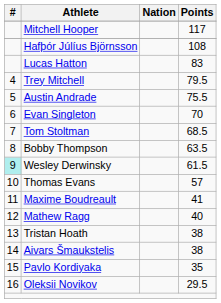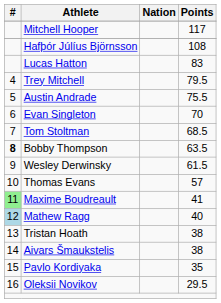 <table class="wikitable" style="text-align:center">
 <tr>
 <th scope="col" style="width: 10px;">#</th>
 <th scope="col">Athlete</th>
 <th scope="col">Nation</th>
 <th scope="col" style="width: 10px;">Points</th>
 </tr>
 <tr>
 </tr>
 <tr>
 <td></td>
 <td align=left><a href='#'>Mitchell Hooper</a></td>
 <td align=left></td>
 <td>117</td>
 </tr>
 <tr>
 </tr>
 <tr>
 <td></td>
 <td align=left><a href='#'>Hafþór Júlíus Björnsson</a></td>
 <td align=left></td>
 <td>108</td>
 </tr>
 <tr>
 <td></td>
 <td align=left><a href='#'>Lucas Hatton</a></td>
 <td align=left></td>
 <td>83</td>
 </tr>
 <tr>
 <td>4</td>
 <td align=left><a href='#'>Trey Mitchell</a></td>
 <td align=left></td>
 <td>79.5</td>
 </tr>
 <tr>
 <td>5</td>
 <td align=left><a href='#'>Austin Andrade</a></td>
 <td align=left></td>
 <td>75.5</td>
 </tr>
 <tr>
 <td>6</td>
 <td align=left><a href='#'>Evan Singleton</a></td>
 <td align=left></td>
 <td>70</td>
 </tr>
 <tr>
 <td>7</td>
 <td align=left><a href='#'>Tom Stoltman</a></td>
 <td align=left></td>
 <td>68.5</td>
 </tr>
 <tr>
-<td>8</td>
+<td><strong>8</strong></td>
 <td align=left>Bobby Thompson</td>
 <td align=left></td>
 <td>63.5</td>
 </tr>
 <tr>
-<td style="background: paleturquoise;">9</td>
+<td>9</td>
 <td align=left>Wesley Derwinsky</td>
 <td align=left></td>
 <td>61.5</td>
 </tr>
 <tr>
 <td>10</td>
 <td align=left>Thomas Evans</td>
 <td align=left></td>
 <td>57</td>
 </tr>
 <tr>
-<td>11</td>
+<td style="background: lightgreen;">11</td>
 <td align=left><a href='#'>Maxime Boudreault</a></td>
 <td align=left></td>
 <td>41</td>
 </tr>
 <tr>
-<td>12</td>
+<td style="background: lightblue;">12</td>
 <td align=left><a href='#'>Mathew Ragg</a></td>
 <td align=left></td>
 <td>40</td>
 </tr>
 <tr>
 <td>13</td>
 <td align=left>Tristan Hoath</td>
 <td align=left></td>
 <td>38</td>
 </tr>
 <tr>
 <td>14</td>
 <td align=left><a href='#'>Aivars Šmaukstelis</a></td>
 <td align=left></td>
 <td>38</td>
 </tr>
 <tr>
 <td>15</td>
 <td align=left><a href='#'>Pavlo Kordiyaka</a></td>
 <td align=left></td>
 <td>35</td>
 </tr>
 <tr>
 <td>16</td>
 <td align=left><a href='#'>Oleksii Novikov</a></td>
 <td align=left></td>
 <td>29.5</td>
 </tr>
 <tr class="sortbottom">
 <td colspan="4"></td>
 </tr>
 </table>
